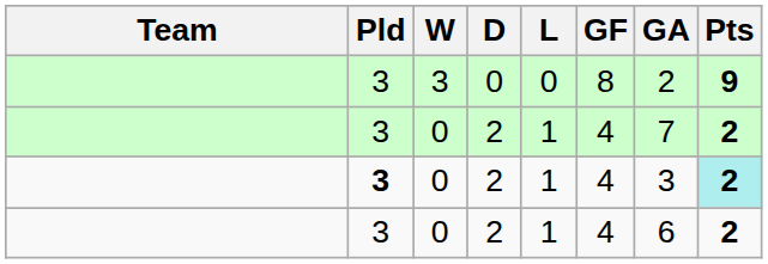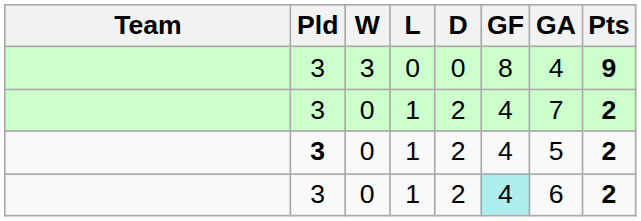 <table class="wikitable" style="text-align: center;">
 <tr>
 <th width="165">Team</th>
 <th width="20">Pld</th>
 <th width="20">W</th>
+<th width="20">L</th>
 <th width="20">D</th>
-<th width="20">L</th>
 <th width="20">GF</th>
 <th width="20">GA</th>
 <th width="20">Pts</th>
 </tr>
 <tr style="background-color:#ccffcc;">
 <td style="text-align:left"></td>
 <td>3</td>
 <td>3</td>
 <td>0</td>
 <td>0</td>
 <td>8</td>
-<td>2</td>
+<td>4</td>
 <td><strong>9</strong></td>
 </tr>
 <tr style="background-color:#ccffcc;">
 <td style="text-align:left"></td>
 <td>3</td>
 <td>0</td>
+<td>1</td>
 <td>2</td>
-<td>1</td>
 <td>4</td>
 <td>7</td>
 <td><strong>2</strong></td>
 </tr>
 <tr>
 <td style="text-align:left"></td>
 <td><strong>3</strong></td>
 <td>0</td>
+<td>1</td>
 <td>2</td>
-<td>1</td>
 <td>4</td>
-<td>3</td>
-<td style="background: paleturquoise;"><strong>2</strong></td>
+<td>5</td>
+<td><strong>2</strong></td>
 </tr>
 <tr>
 <td style="text-align:left"></td>
 <td>3</td>
 <td>0</td>
+<td>1</td>
 <td>2</td>
-<td>1</td>
-<td>4</td>
+<td style="background: paleturquoise;">4</td>
 <td>6</td>
 <td><strong>2</strong></td>
 </tr>
 </table>
